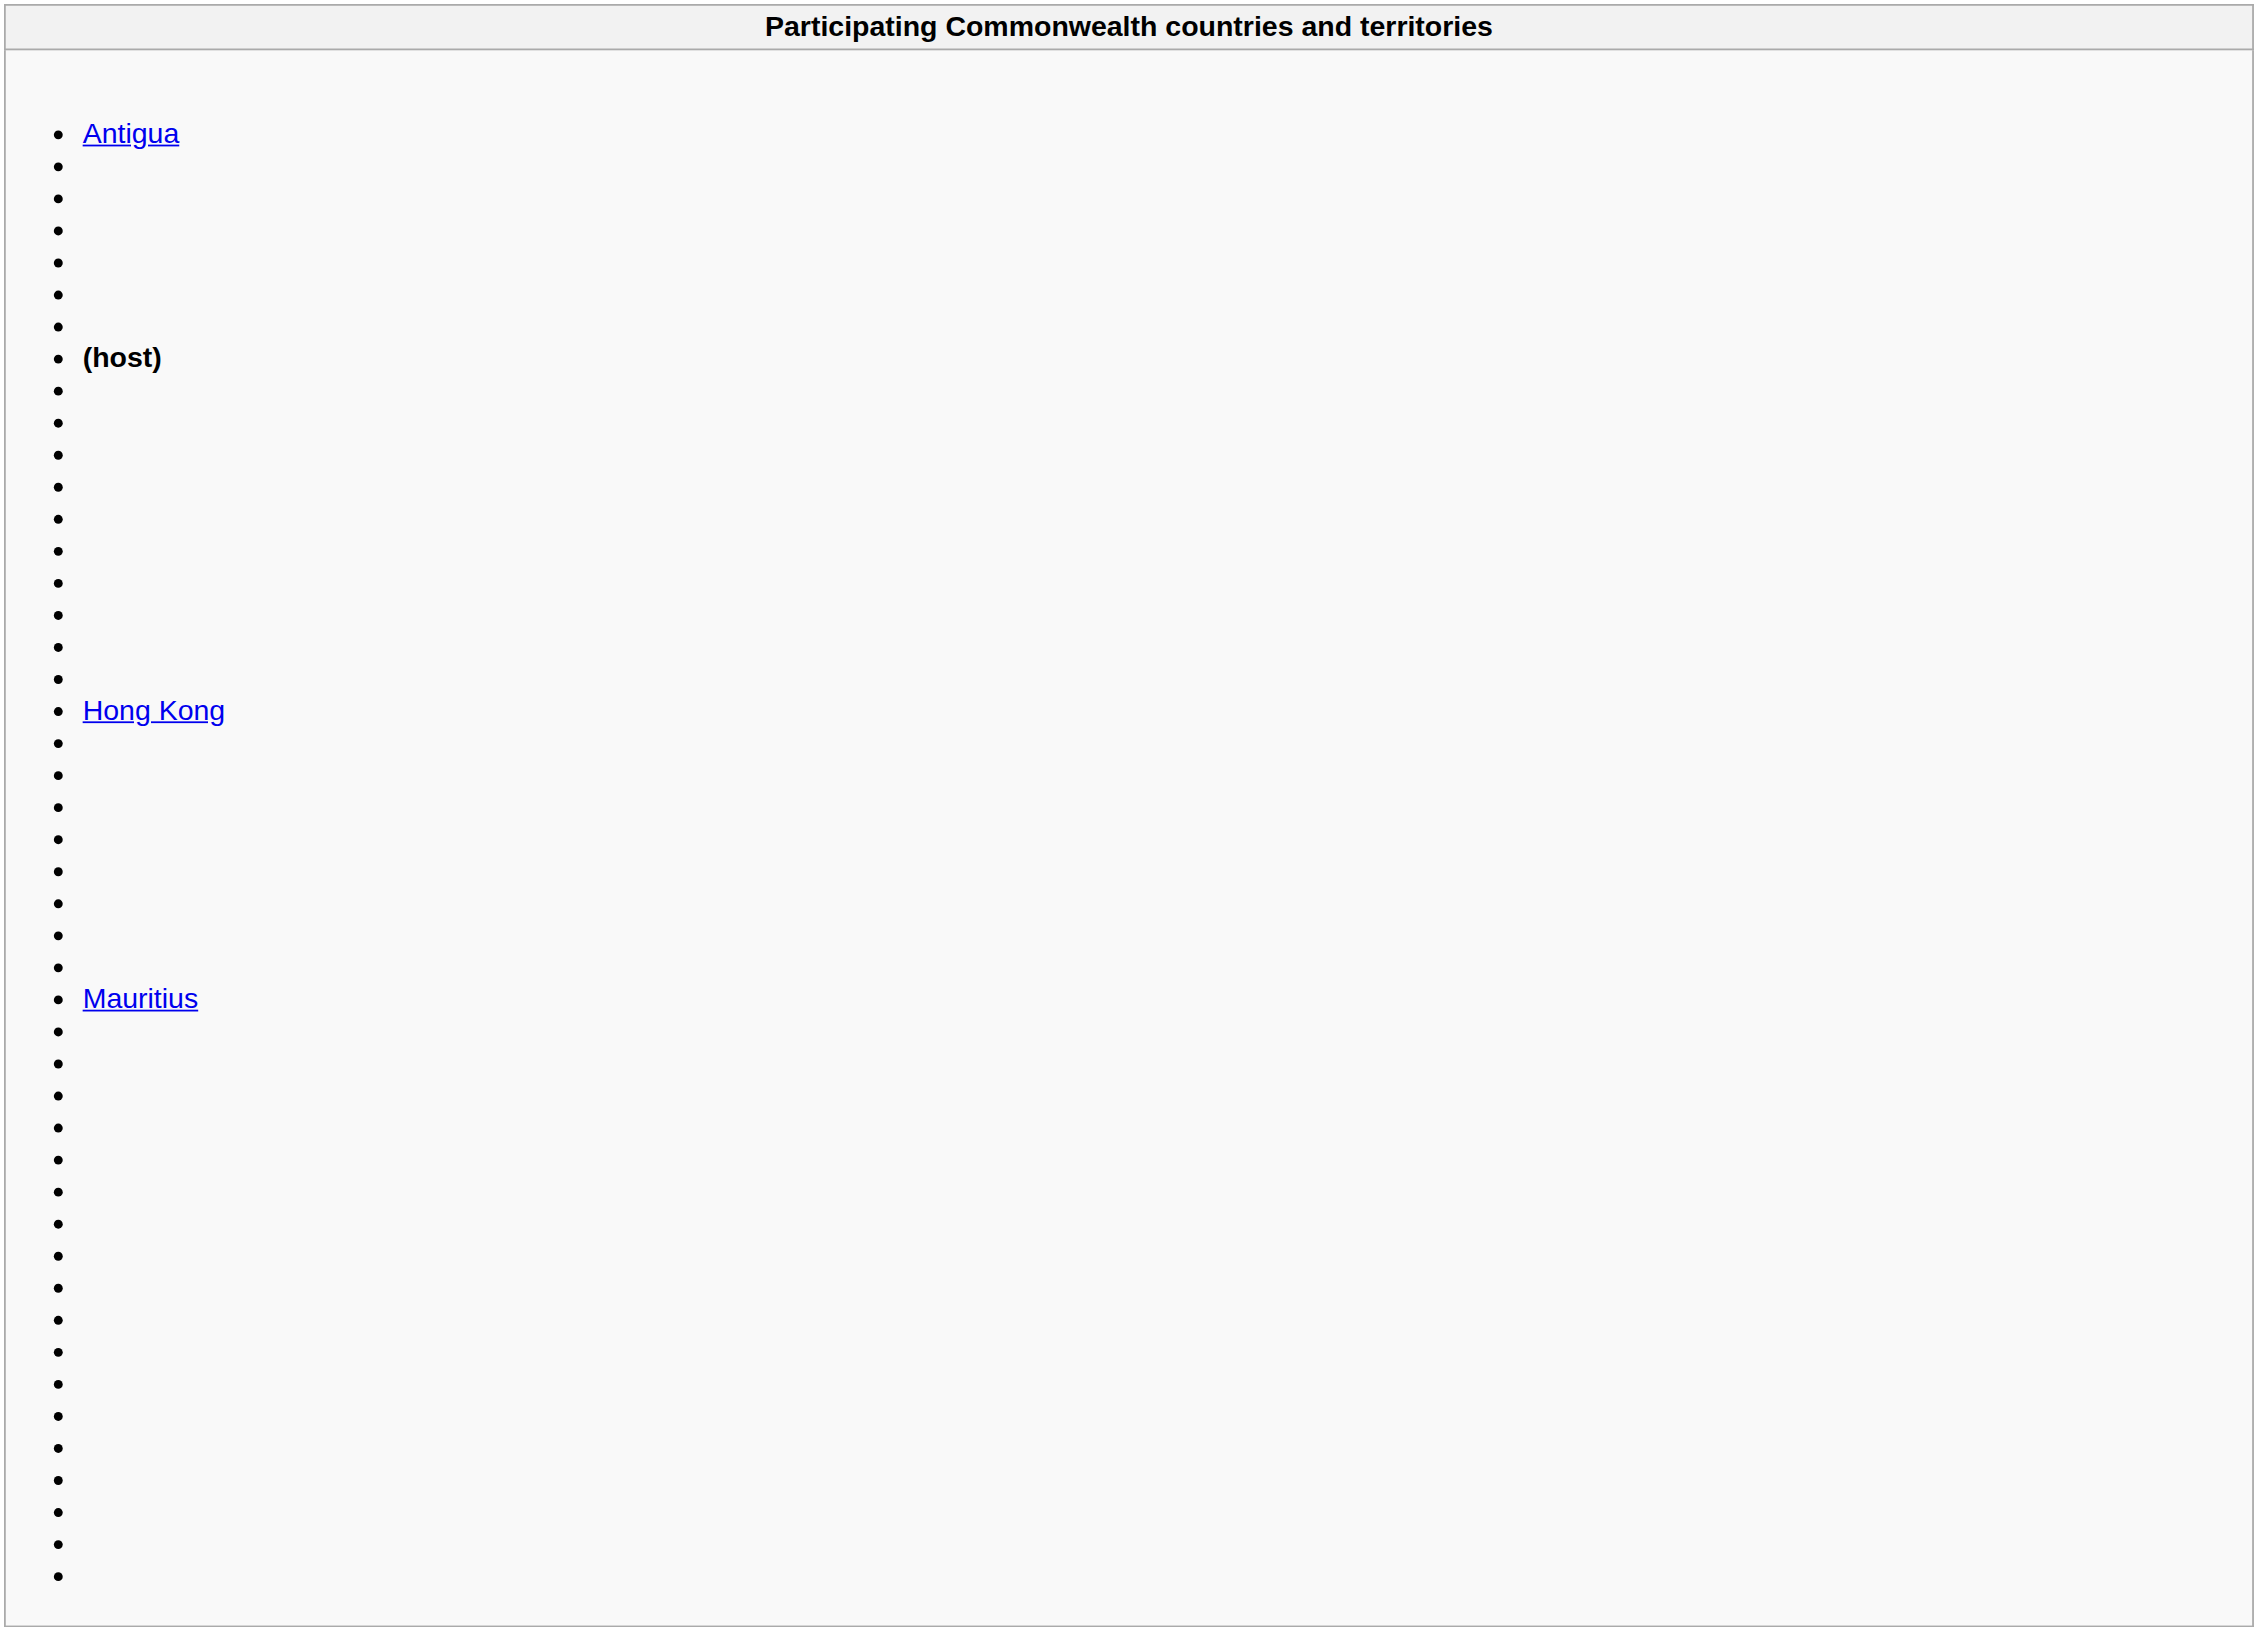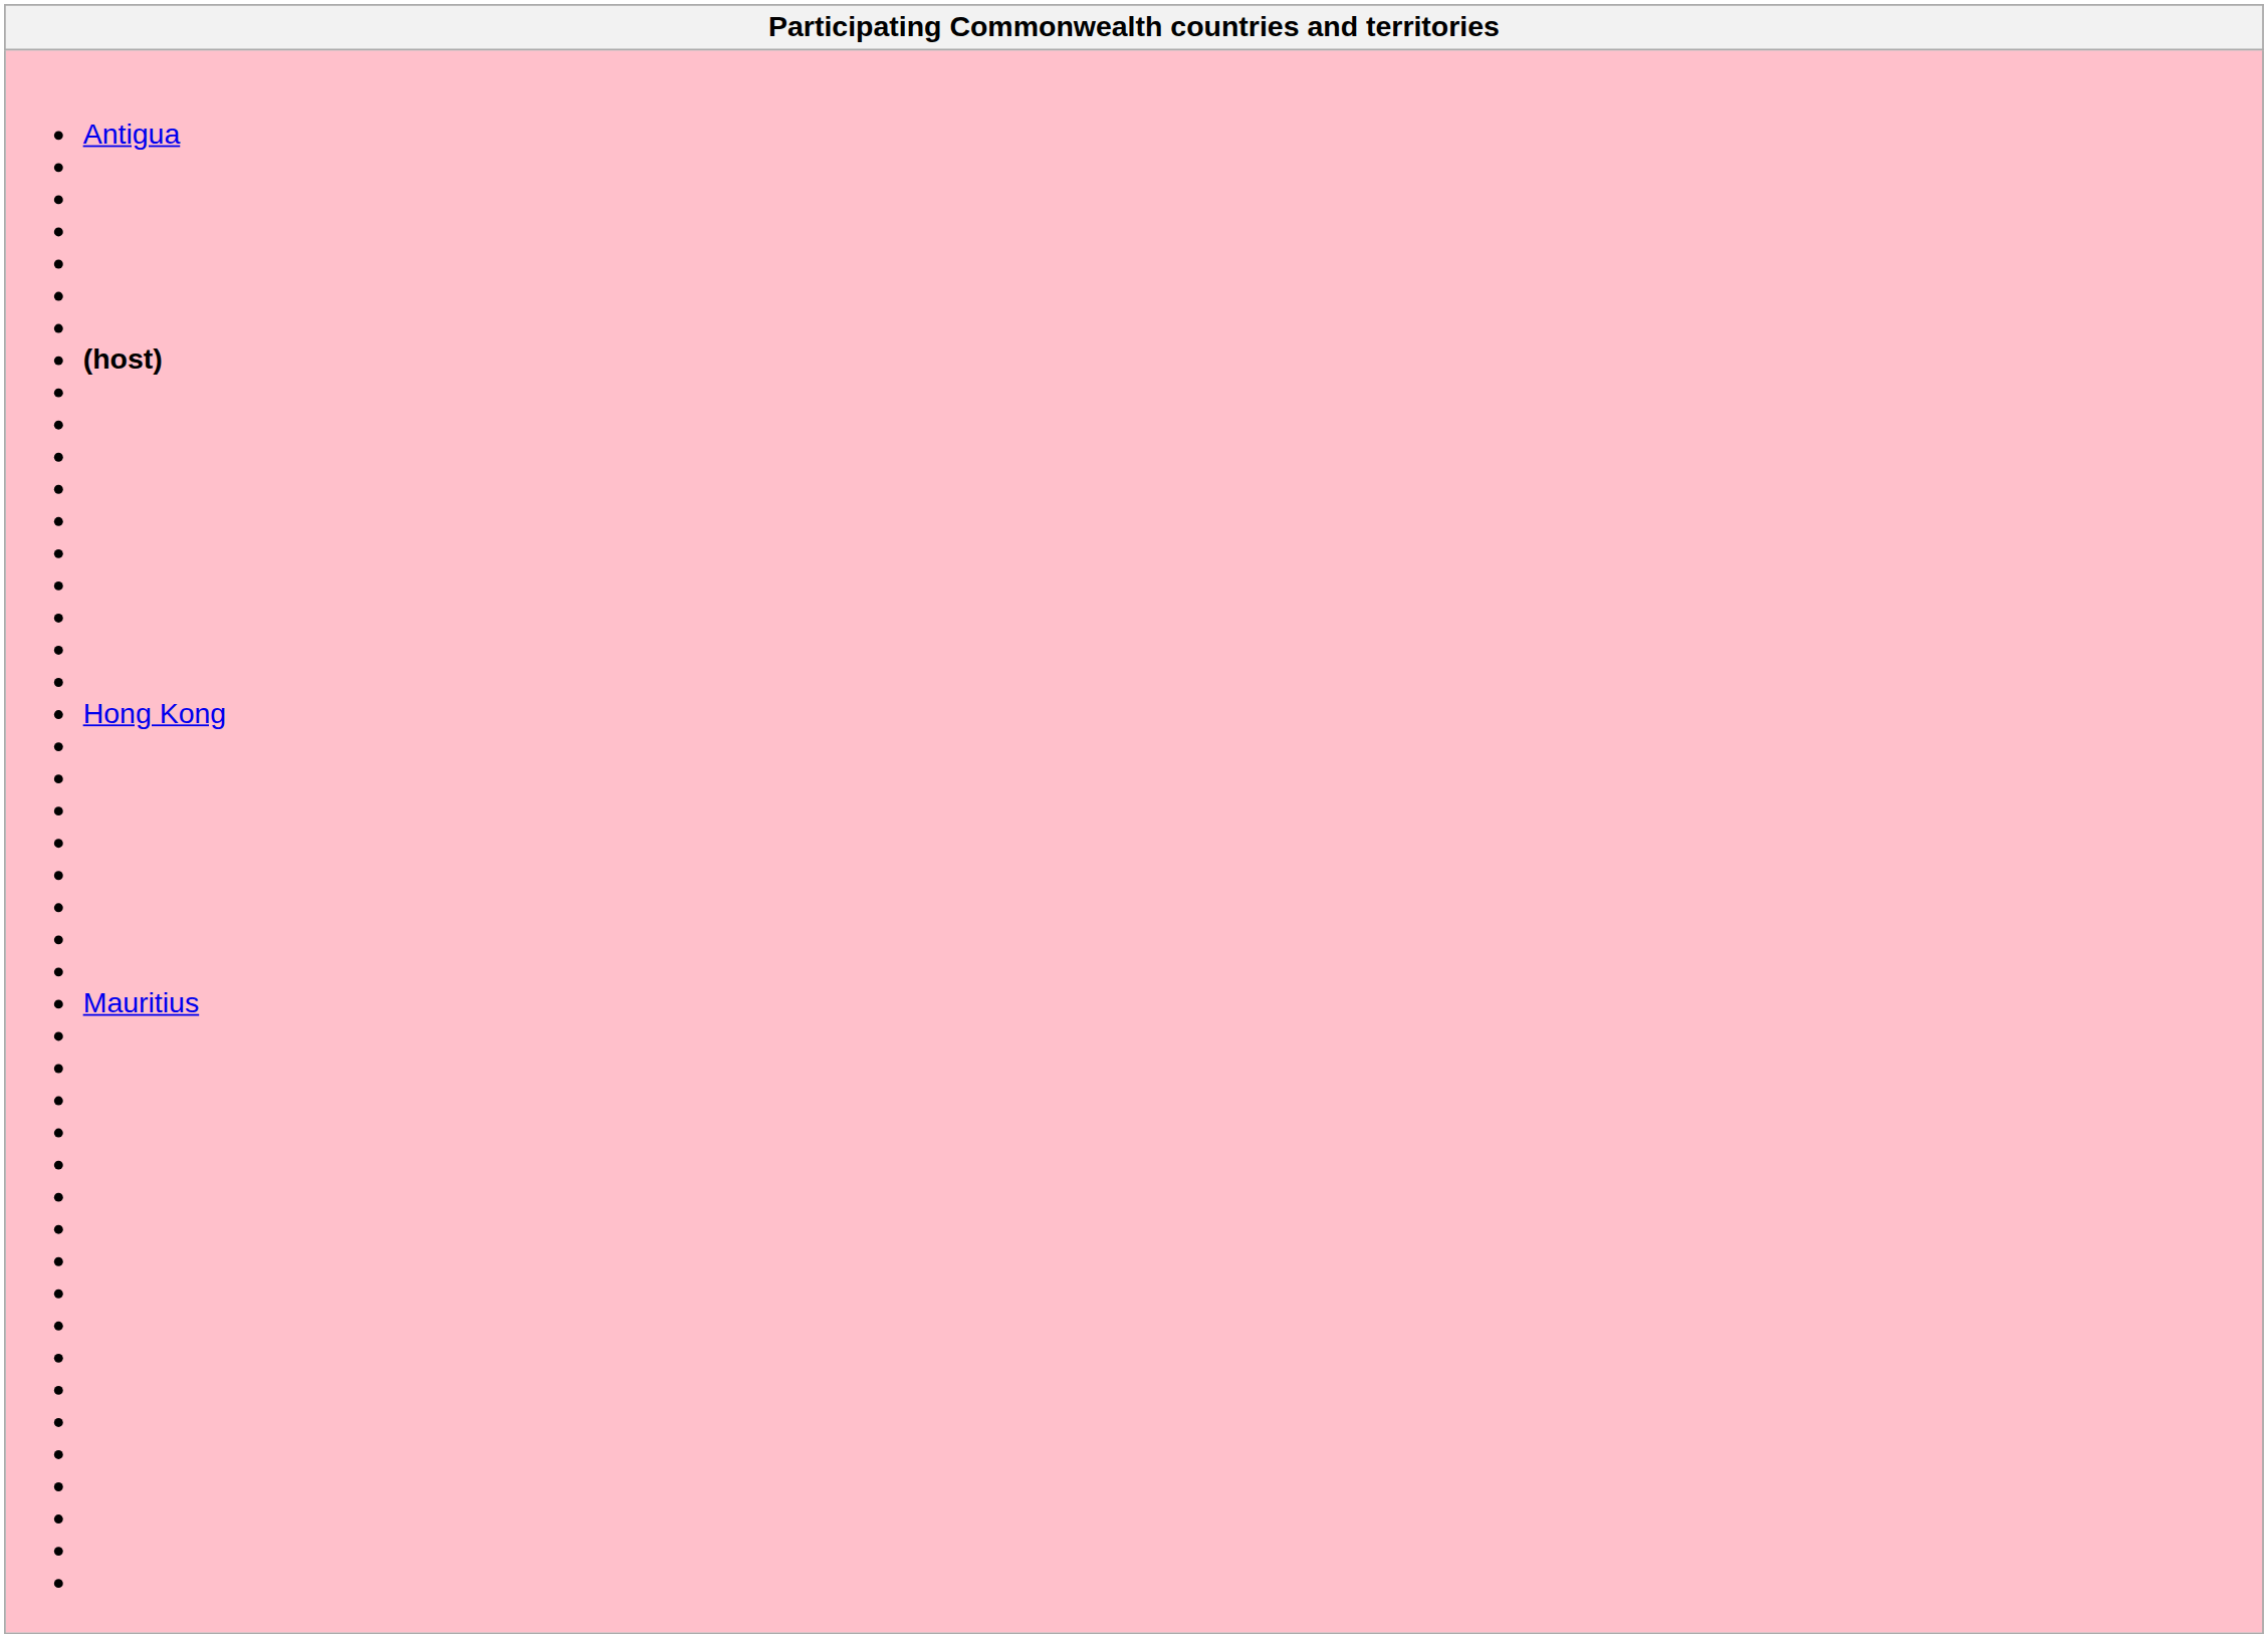 <table class="wikitable collapsible" style="width:100%;">
 <tr>
 <th>Participating Commonwealth countries and territories</th>
 </tr>
 <tr>
-<td><br><ul><li> <a href='#'>Antigua</a></li><li></li><li></li><li><strong></strong></li><li></li><li></li><li></li><li> <strong>(host)</strong></li><li><strong></strong></li><li></li><li><strong></strong></li><li></li><li></li><li></li><li></li><li></li><li></li><li></li><li> <a href='#'>Hong Kong</a></li><li></li><li></li><li></li><li></li><li></li><li></li><li></li><li></li><li> <a href='#'>Mauritius</a></li><li></li><li></li><li></li><li><strong></strong></li><li></li><li></li><li></li><li></li><li></li><li></li><li></li><li></li><li></li><li></li><li><strong></strong></li><li></li><li></li><li></li></ul></td>
+<td style="background: pink;"><br><ul><li> <a href='#'>Antigua</a></li><li></li><li></li><li><strong></strong></li><li></li><li></li><li></li><li> <strong>(host)</strong></li><li><strong></strong></li><li></li><li><strong></strong></li><li></li><li></li><li></li><li></li><li></li><li></li><li></li><li> <a href='#'>Hong Kong</a></li><li></li><li></li><li></li><li></li><li></li><li></li><li></li><li></li><li> <a href='#'>Mauritius</a></li><li></li><li></li><li></li><li><strong></strong></li><li></li><li></li><li></li><li></li><li></li><li></li><li></li><li></li><li></li><li></li><li><strong></strong></li><li></li><li></li><li></li></ul></td>
 </tr>
 </table>
